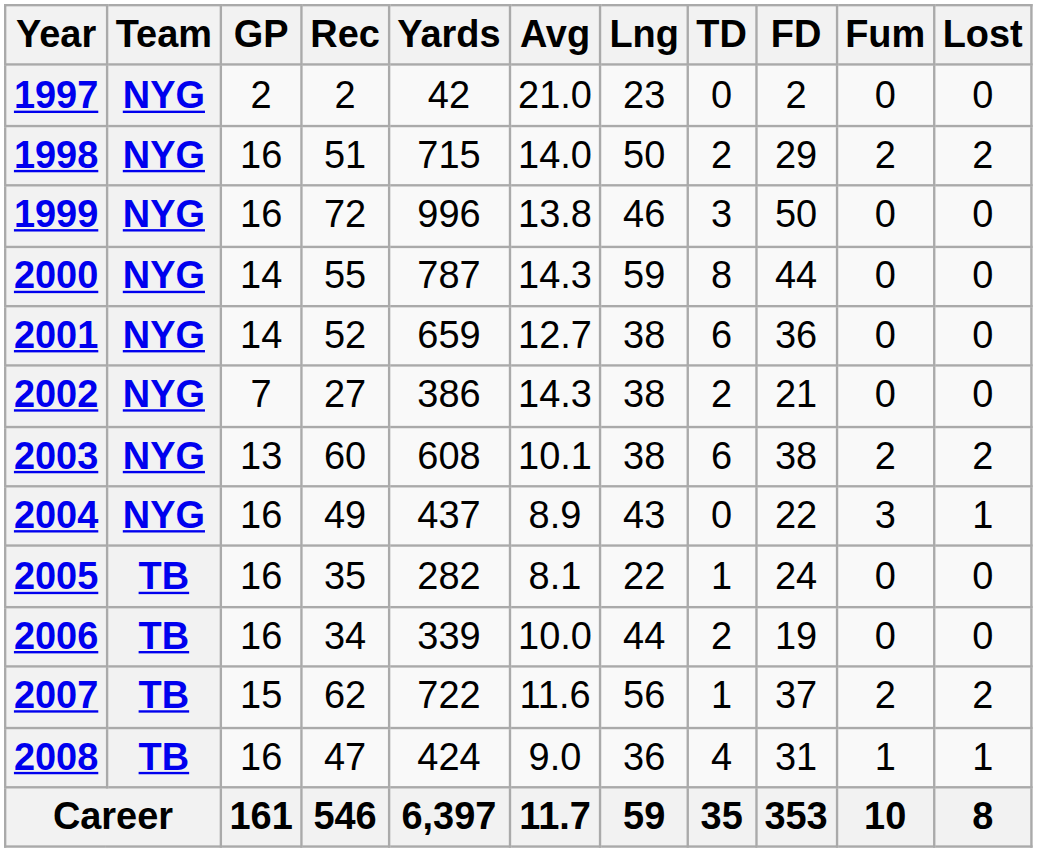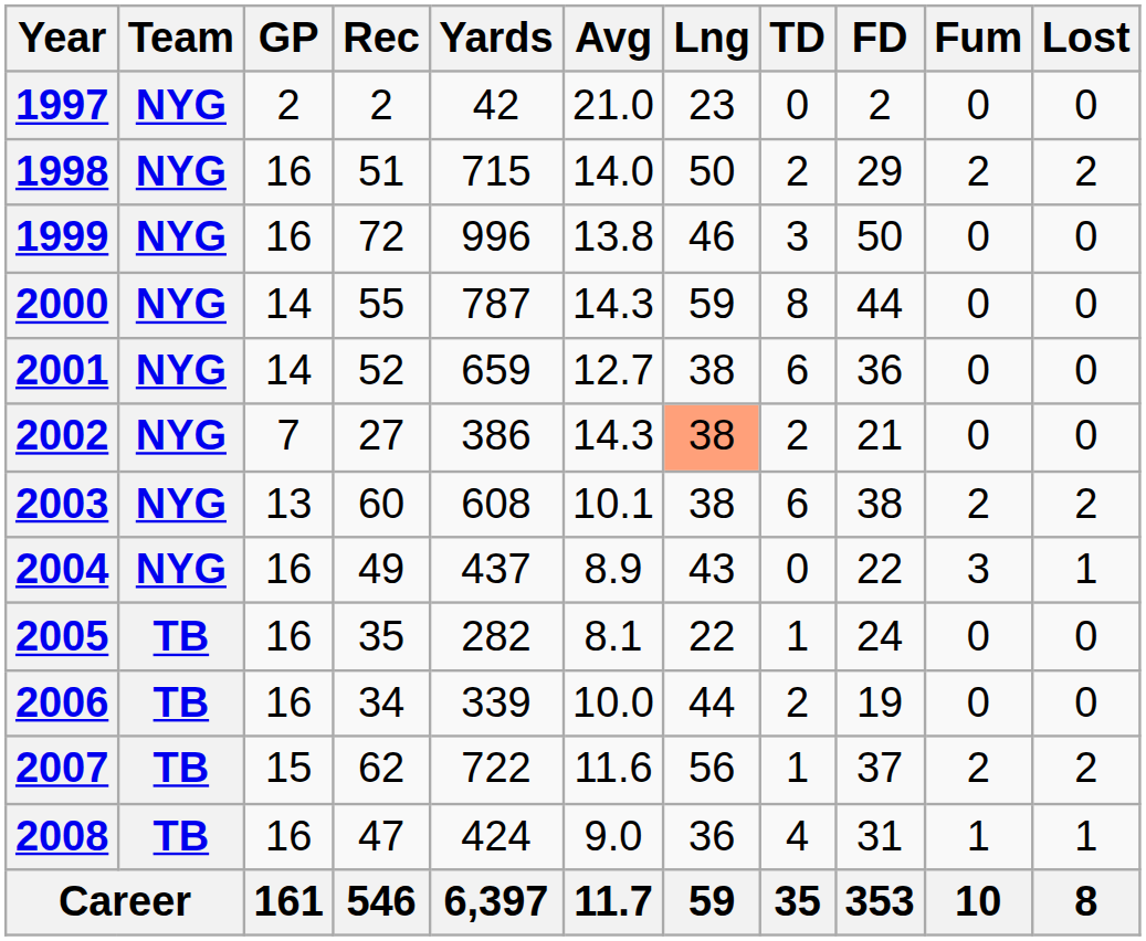 <table class="wikitable" style="text-align: center;">
 <tr>
 <th>Year</th>
 <th>Team</th>
 <th>GP</th>
 <th>Rec</th>
 <th>Yards</th>
 <th>Avg</th>
 <th>Lng</th>
 <th>TD</th>
 <th>FD</th>
 <th>Fum</th>
 <th>Lost</th>
 </tr>
 <tr>
 <th><a href='#'>1997</a></th>
 <th><a href='#'>NYG</a></th>
 <td>2</td>
 <td>2</td>
 <td>42</td>
 <td>21.0</td>
 <td>23</td>
 <td>0</td>
 <td>2</td>
 <td>0</td>
 <td>0</td>
 </tr>
 <tr>
 <th><a href='#'>1998</a></th>
 <th><a href='#'>NYG</a></th>
 <td>16</td>
 <td>51</td>
 <td>715</td>
 <td>14.0</td>
 <td>50</td>
 <td>2</td>
 <td>29</td>
 <td>2</td>
 <td>2</td>
 </tr>
 <tr>
 <th><a href='#'>1999</a></th>
 <th><a href='#'>NYG</a></th>
 <td>16</td>
 <td>72</td>
 <td>996</td>
 <td>13.8</td>
 <td>46</td>
 <td>3</td>
 <td>50</td>
 <td>0</td>
 <td>0</td>
 </tr>
 <tr>
 <th><a href='#'>2000</a></th>
 <th><a href='#'>NYG</a></th>
 <td>14</td>
 <td>55</td>
 <td>787</td>
 <td>14.3</td>
 <td>59</td>
 <td>8</td>
 <td>44</td>
 <td>0</td>
 <td>0</td>
 </tr>
 <tr>
 <th><a href='#'>2001</a></th>
 <th><a href='#'>NYG</a></th>
 <td>14</td>
 <td>52</td>
 <td>659</td>
 <td>12.7</td>
 <td>38</td>
 <td>6</td>
 <td>36</td>
 <td>0</td>
 <td>0</td>
 </tr>
 <tr>
 <th><a href='#'>2002</a></th>
 <th><a href='#'>NYG</a></th>
 <td>7</td>
 <td>27</td>
 <td>386</td>
 <td>14.3</td>
-<td>38</td>
+<td style="background: lightsalmon;">38</td>
 <td>2</td>
 <td>21</td>
 <td>0</td>
 <td>0</td>
 </tr>
 <tr>
 <th><a href='#'>2003</a></th>
 <th><a href='#'>NYG</a></th>
 <td>13</td>
 <td>60</td>
 <td>608</td>
 <td>10.1</td>
 <td>38</td>
 <td>6</td>
 <td>38</td>
 <td>2</td>
 <td>2</td>
 </tr>
 <tr>
 <th><a href='#'>2004</a></th>
 <th><a href='#'>NYG</a></th>
 <td>16</td>
 <td>49</td>
 <td>437</td>
 <td>8.9</td>
 <td>43</td>
 <td>0</td>
 <td>22</td>
 <td>3</td>
 <td>1</td>
 </tr>
 <tr>
 <th><a href='#'>2005</a></th>
 <th><a href='#'>TB</a></th>
 <td>16</td>
 <td>35</td>
 <td>282</td>
 <td>8.1</td>
 <td>22</td>
 <td>1</td>
 <td>24</td>
 <td>0</td>
 <td>0</td>
 </tr>
 <tr>
 <th><a href='#'>2006</a></th>
 <th><a href='#'>TB</a></th>
 <td>16</td>
 <td>34</td>
 <td>339</td>
 <td>10.0</td>
 <td>44</td>
 <td>2</td>
 <td>19</td>
 <td>0</td>
 <td>0</td>
 </tr>
 <tr>
 <th><a href='#'>2007</a></th>
 <th><a href='#'>TB</a></th>
 <td>15</td>
 <td>62</td>
 <td>722</td>
 <td>11.6</td>
 <td>56</td>
 <td>1</td>
 <td>37</td>
 <td>2</td>
 <td>2</td>
 </tr>
 <tr>
 <th><a href='#'>2008</a></th>
 <th><a href='#'>TB</a></th>
 <td>16</td>
 <td>47</td>
 <td>424</td>
 <td>9.0</td>
 <td>36</td>
 <td>4</td>
 <td>31</td>
 <td>1</td>
 <td>1</td>
 </tr>
 <tr>
 <th colspan="2">Career</th>
 <th>161</th>
 <th>546</th>
 <th>6,397</th>
 <th>11.7</th>
 <th>59</th>
 <th>35</th>
 <th>353</th>
 <th>10</th>
 <th>8</th>
 </tr>
 </table>
